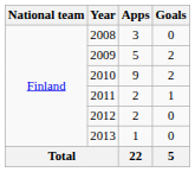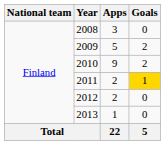 <table class="wikitable" style="text-align:center">
 <tr>
 <th>National team</th>
 <th>Year</th>
 <th>Apps</th>
 <th>Goals</th>
 </tr>
 <tr>
 <td rowspan="6"><a href='#'>Finland</a></td>
 <td>2008</td>
 <td>3</td>
 <td>0</td>
 </tr>
 <tr>
 <td>2009</td>
 <td>5</td>
 <td>2</td>
 </tr>
 <tr>
 <td>2010</td>
 <td>9</td>
 <td>2</td>
 </tr>
 <tr>
 <td>2011</td>
 <td>2</td>
-<td>1</td>
+<td style="background: gold;">1</td>
 </tr>
 <tr>
 <td>2012</td>
 <td>2</td>
 <td>0</td>
 </tr>
 <tr>
 <td>2013</td>
 <td>1</td>
 <td>0</td>
 </tr>
 <tr>
 <th colspan="2">Total</th>
 <th>22</th>
 <th>5</th>
 </tr>
 </table>
